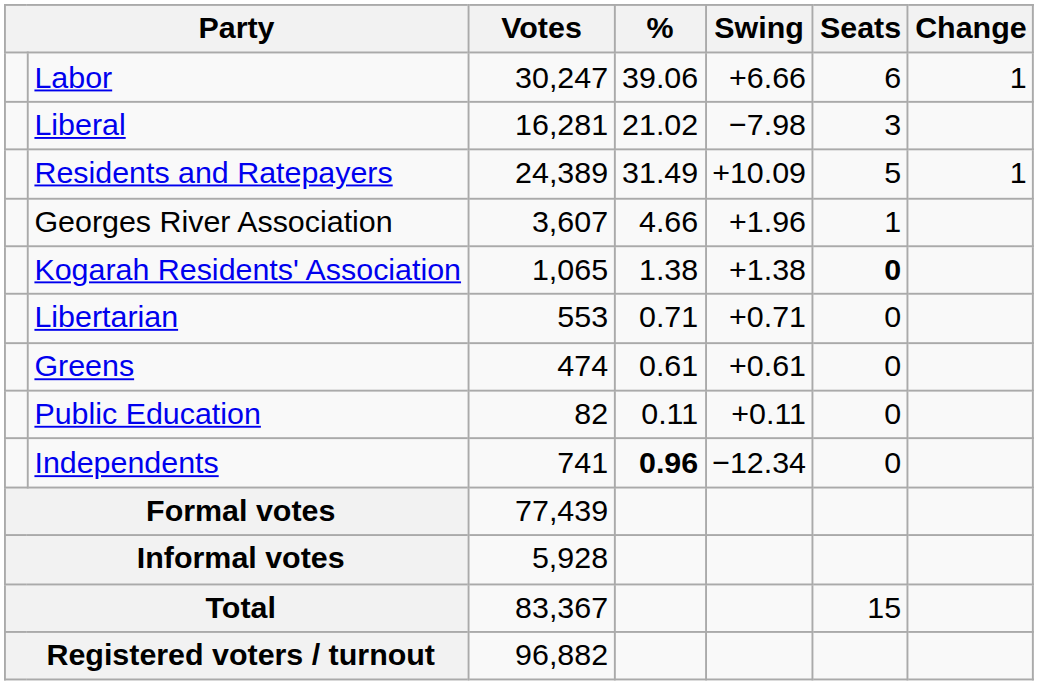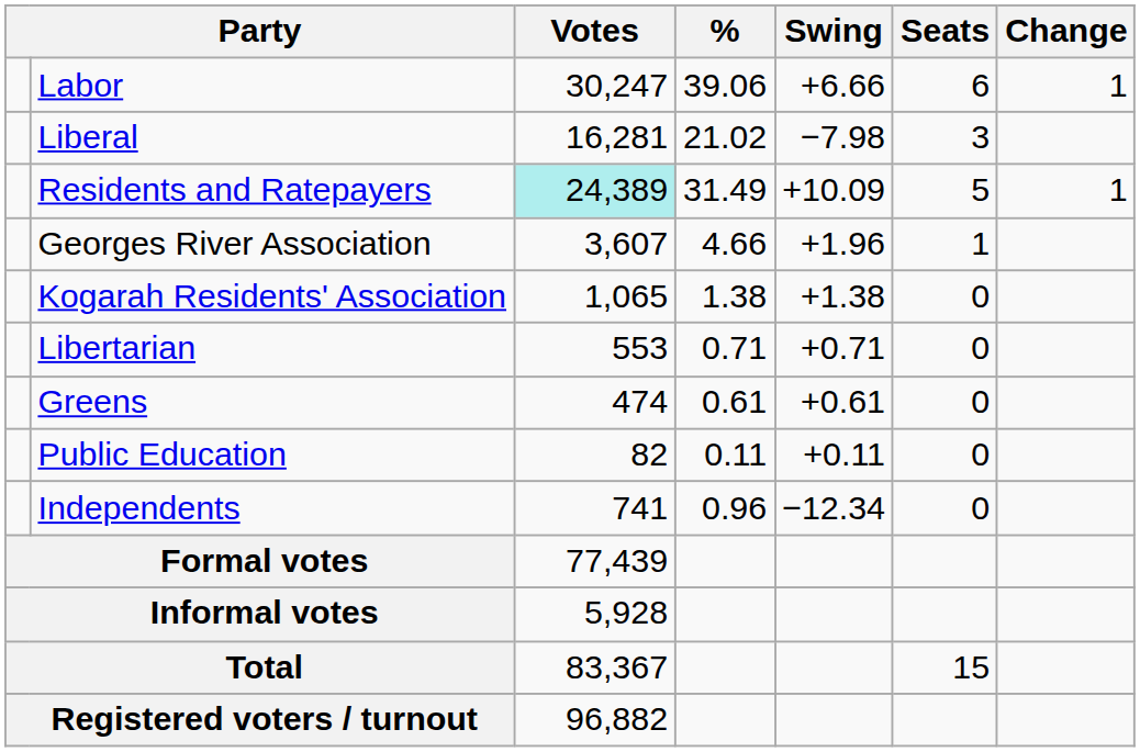 <table class="wikitable" style="text-align:right; margin-bottom:0">
 <tr>
 <th style="width:10px" colspan=3>Party</th>
 <th style="width:70px;">Votes</th>
 <th style="width:40px;">%</th>
 <th style="width:40px;">Swing</th>
 <th style="width:40px;">Seats</th>
 <th style="width:40px;">Change</th>
 </tr>
 <tr>
 <td> </td>
 <td style="text-align:left;" colspan="2"><a href='#'>Labor</a></td>
 <td>30,247</td>
 <td>39.06</td>
 <td>+6.66</td>
 <td>6</td>
 <td> 1</td>
 </tr>
 <tr>
 <td> </td>
 <td style="text-align:left;" colspan="2"><a href='#'>Liberal</a></td>
 <td>16,281</td>
 <td>21.02</td>
 <td>−7.98</td>
 <td>3</td>
 <td></td>
 </tr>
 <tr>
 <td> </td>
 <td style="text-align:left;" colspan="2"><a href='#'>Residents and Ratepayers</a></td>
-<td>24,389</td>
+<td style="background: paleturquoise;">24,389</td>
 <td>31.49</td>
 <td>+10.09</td>
 <td>5</td>
 <td> 1</td>
 </tr>
 <tr>
 <td> </td>
 <td style="text-align:left;" colspan="2">Georges River Association</td>
 <td>3,607</td>
 <td>4.66</td>
 <td>+1.96</td>
 <td>1</td>
 <td></td>
 </tr>
 <tr>
 <td> </td>
 <td style="text-align:left;" colspan="2"><a href='#'>Kogarah Residents' Association</a></td>
 <td>1,065</td>
 <td>1.38</td>
 <td>+1.38</td>
-<td><strong>0</strong></td>
+<td>0</td>
 <td></td>
 </tr>
 <tr>
 <td> </td>
 <td style="text-align:left;" colspan="2"><a href='#'>Libertarian</a></td>
 <td>553</td>
 <td>0.71</td>
 <td>+0.71</td>
 <td>0</td>
 <td></td>
 </tr>
 <tr>
 <td> </td>
 <td colspan="2" style="text-align:left;"><a href='#'>Greens</a></td>
 <td>474</td>
 <td>0.61</td>
 <td>+0.61</td>
 <td>0</td>
 <td></td>
 </tr>
 <tr>
 <td> </td>
 <td colspan="2" style="text-align:left;"><a href='#'>Public Education</a></td>
 <td>82</td>
 <td>0.11</td>
 <td>+0.11</td>
 <td>0</td>
 <td></td>
 </tr>
 <tr>
 <td> </td>
 <td colspan="2" style="text-align:left;"><a href='#'>Independents</a></td>
 <td>741</td>
-<td><strong>0.96</strong></td>
+<td>0.96</td>
 <td>−12.34</td>
 <td>0</td>
 <td></td>
 </tr>
 <tr>
 <th colspan="3" rowspan="1"> Formal votes</th>
 <td>77,439</td>
 <td></td>
 <td></td>
 <td></td>
 <td></td>
 </tr>
 <tr>
 <th colspan="3" rowspan="1"> Informal votes</th>
 <td>5,928</td>
 <td></td>
 <td></td>
 <td></td>
 <td></td>
 </tr>
 <tr>
 <th colspan="3" rowspan="1"> <strong>Total </strong></th>
 <td>83,367</td>
 <td></td>
 <td></td>
 <td>15</td>
 <td></td>
 </tr>
 <tr>
 <th colspan="3" rowspan="1"> Registered voters / turnout</th>
 <td>96,882</td>
 <td></td>
 <td></td>
 <td></td>
 <td></td>
 </tr>
 </table>
